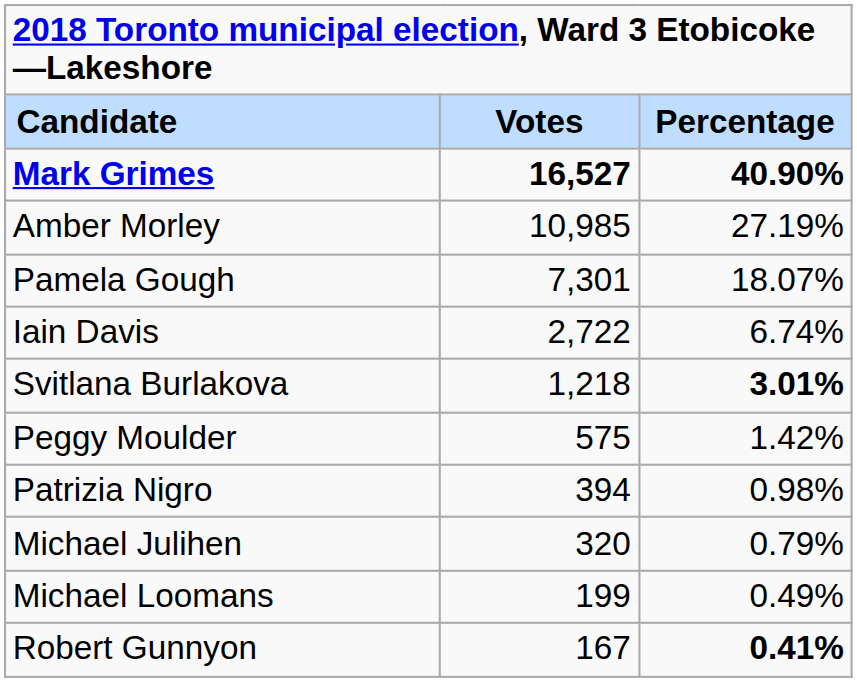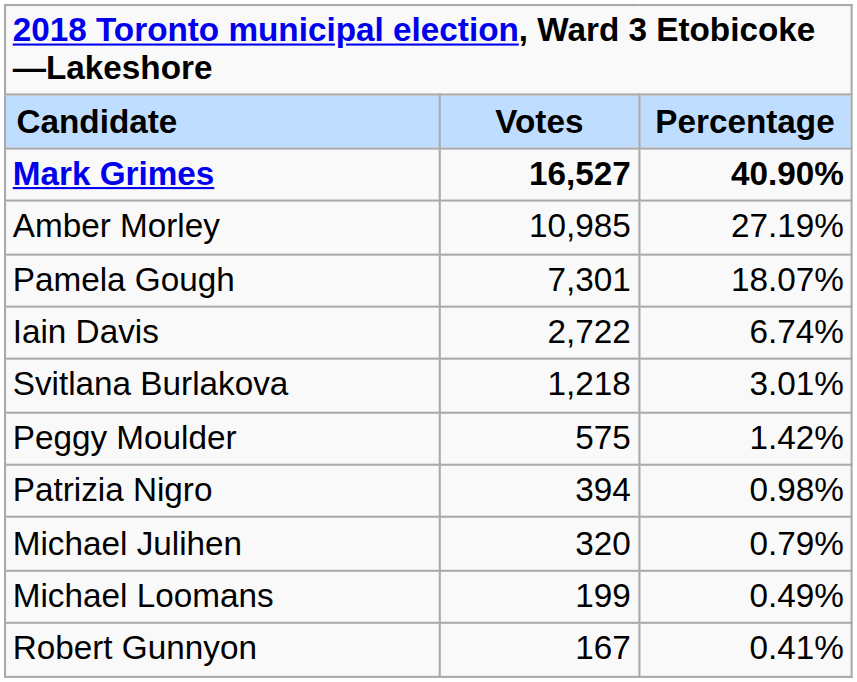 <table class="sortable wikitable">
 <tr>
 <td colspan="3"><strong><a href='#'>2018 Toronto municipal election</a>, Ward 3 Etobicoke—Lakeshore</strong></td>
 </tr>
 <tr>
 <th scope="col" style="background-color:#bfdeff;width:200px;text-align:left;padding-left:5px;">Candidate</th>
 <th scope="col" style="background-color:#bfdeff;width:88px;">Votes</th>
 <th scope="col" style="background-color:#bfdeff;width:95px;">Percentage</th>
 </tr>
 <tr>
 <td valign="top"><strong><a href='#'>Mark Grimes</a></strong></td>
 <td valign="top" align="right"><strong>16,527</strong></td>
 <td valign="top" align="right"><strong>40.90%</strong></td>
 </tr>
 <tr>
 <td valign="top">Amber Morley</td>
 <td valign="top" align="right">10,985</td>
 <td valign="top" align="right">27.19%</td>
 </tr>
 <tr>
 <td valign="top">Pamela Gough</td>
 <td valign="top" align="right">7,301</td>
 <td valign="top" align="right">18.07%</td>
 </tr>
 <tr>
 <td valign="top">Iain Davis</td>
 <td valign="top" align="right">2,722</td>
 <td valign="top" align="right">6.74%</td>
 </tr>
 <tr>
 <td valign="top">Svitlana Burlakova</td>
 <td valign="top" align="right">1,218</td>
-<td valign="top" align="right"><strong>3.01%</strong></td>
+<td valign="top" align="right">3.01%</td>
 </tr>
 <tr>
 <td valign="top">Peggy Moulder</td>
 <td valign="top" align="right">575</td>
 <td valign="top" align="right">1.42%</td>
 </tr>
 <tr>
 <td valign="top">Patrizia Nigro</td>
 <td valign="top" align="right">394</td>
 <td valign="top" align="right">0.98%</td>
 </tr>
 <tr>
 <td valign="top">Michael Julihen</td>
 <td valign="top" align="right">320</td>
 <td valign="top" align="right">0.79%</td>
 </tr>
 <tr>
 <td valign="top">Michael Loomans</td>
 <td valign="top" align="right">199</td>
 <td valign="top" align="right">0.49%</td>
 </tr>
 <tr>
 <td valign="top">Robert Gunnyon</td>
 <td valign="top" align="right">167</td>
-<td valign="top" align="right"><strong>0.41%</strong></td>
+<td valign="top" align="right">0.41%</td>
 </tr>
 </table>
